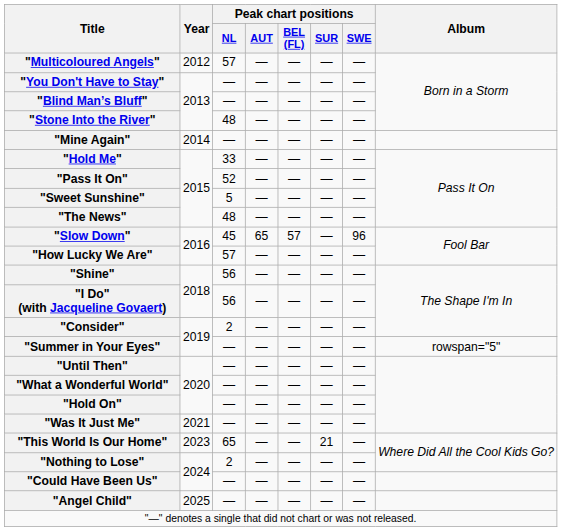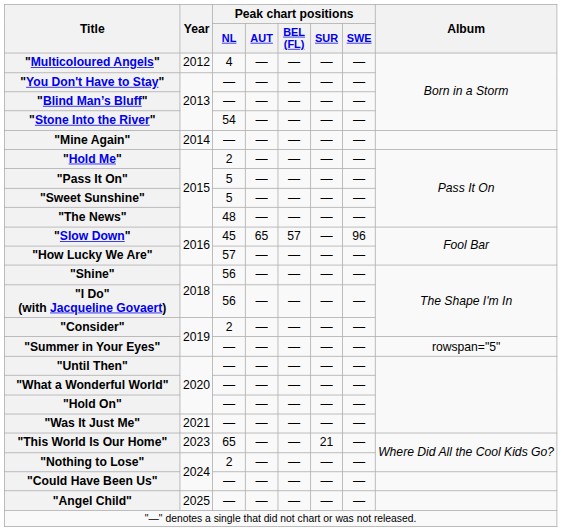 <table class="wikitable plainrowheaders" style="text-align:center;">
 <tr>
 <th scope="col" rowspan="2" style="width:14em;">Title</th>
 <th scope="col" rowspan="2" style="width:1em;">Year</th>
 <th scope="col" colspan="5">Peak chart positions</th>
 <th scope="col" rowspan="2">Album</th>
 </tr>
 <tr>
 <th scope="col" style="width:2.5em;font-size:90%;"><a href='#'>NL</a><br></th>
 <th scope="col" style="width:2.5em;font-size:90%;"><a href='#'>AUT</a><br></th>
 <th scope="col" style="width:2.5em;font-size:90%;"><a href='#'>BEL (FL)</a><br></th>
 <th scope="col" style="width:2.5em;font-size:90%;"><a href='#'>SUR</a><br></th>
 <th scope="col" style="width:2.5em;font-size:90%;"><a href='#'>SWE</a><br></th>
 </tr>
 <tr>
 <th scope="row">"<a href='#'>Multicoloured Angels</a>"</th>
 <td>2012</td>
-<td>57</td>
+<td>4</td>
 <td>—</td>
 <td>—</td>
 <td>—</td>
 <td>—</td>
 <td rowspan="4"><em>Born in a Storm</em></td>
 </tr>
 <tr>
 <th scope="row">"<a href='#'>You Don't Have to Stay</a>"</th>
 <td rowspan="3">2013</td>
 <td>—</td>
 <td>—</td>
 <td>—</td>
 <td>—</td>
 <td>—</td>
 </tr>
 <tr>
 <th scope="row">"<a href='#'>Blind Man’s Bluff</a>"</th>
 <td>—</td>
 <td>—</td>
 <td>—</td>
 <td>—</td>
 <td>—</td>
 </tr>
 <tr>
 <th scope="row">"<a href='#'>Stone Into the River</a>"</th>
-<td>48</td>
+<td>54</td>
 <td>—</td>
 <td>—</td>
 <td>—</td>
 <td>—</td>
 </tr>
 <tr>
 <th scope="row">"Mine Again"</th>
 <td>2014</td>
 <td>—</td>
 <td>—</td>
 <td>—</td>
 <td>—</td>
 <td>—</td>
 <td></td>
 </tr>
 <tr>
 <th scope="row">"<a href='#'>Hold Me</a>"<br></th>
 <td rowspan="4">2015</td>
-<td>33</td>
+<td>2</td>
 <td>—</td>
 <td>—</td>
 <td>—</td>
 <td>—</td>
 <td rowspan="4"><em>Pass It On</em></td>
 </tr>
 <tr>
 <th scope="row">"Pass It On"</th>
-<td>52</td>
+<td>5</td>
 <td>—</td>
 <td>—</td>
 <td>—</td>
 <td>—</td>
 </tr>
 <tr>
 <th scope="row">"Sweet Sunshine"</th>
 <td>5</td>
 <td>—</td>
 <td>—</td>
 <td>—</td>
 <td>—</td>
 </tr>
 <tr>
 <th scope="row">"The News"</th>
 <td>48</td>
 <td>—</td>
 <td>—</td>
 <td>—</td>
 <td>—</td>
 </tr>
 <tr>
 <th scope="row">"<a href='#'>Slow Down</a>"</th>
 <td rowspan="2">2016</td>
 <td>45</td>
 <td>65</td>
 <td>57</td>
 <td>—</td>
 <td>96</td>
 <td rowspan="2"><em>Fool Bar</em></td>
 </tr>
 <tr>
 <th scope="row">"How Lucky We Are"</th>
 <td>57</td>
 <td>—</td>
 <td>—</td>
 <td>—</td>
 <td>—</td>
 </tr>
 <tr>
 <th scope="row">"Shine"</th>
 <td rowspan="2">2018</td>
 <td>56</td>
 <td>—</td>
 <td>—</td>
 <td>—</td>
 <td>—</td>
 <td rowspan="3"><em>The Shape I'm In</em></td>
 </tr>
 <tr>
 <th scope="row">"I Do"<br><span>(with <a href='#'>Jacqueline Govaert</a>)</span></th>
 <td>56</td>
 <td>—</td>
 <td>—</td>
 <td>—</td>
 <td>—</td>
 </tr>
 <tr>
 <th scope="row">"Consider"</th>
 <td rowspan="2">2019</td>
 <td>2</td>
 <td>—</td>
 <td>—</td>
 <td>—</td>
 <td>—</td>
 </tr>
 <tr>
 <th scope="row">"Summer in Your Eyes"</th>
 <td>—</td>
 <td>—</td>
 <td>—</td>
 <td>—</td>
 <td>—</td>
 <td>rowspan="5" </td>
 </tr>
 <tr>
 <th scope="row">"Until Then"</th>
 <td rowspan="3">2020</td>
 <td>—</td>
 <td>—</td>
 <td>—</td>
 <td>—</td>
 <td>—</td>
 </tr>
 <tr>
 <th scope="row">"What a Wonderful World"</th>
 <td>—</td>
 <td>—</td>
 <td>—</td>
 <td>—</td>
 <td>—</td>
 </tr>
 <tr>
 <th scope="row">"Hold On"</th>
 <td>—</td>
 <td>—</td>
 <td>—</td>
 <td>—</td>
 <td>—</td>
 </tr>
 <tr>
 <th scope="row">"Was It Just Me"</th>
 <td>2021</td>
 <td>—</td>
 <td>—</td>
 <td>—</td>
 <td>—</td>
 <td>—</td>
 </tr>
 <tr>
 <th scope="row">"This World Is Our Home"</th>
 <td>2023</td>
 <td>65</td>
 <td>—</td>
 <td>—</td>
 <td>21</td>
 <td>—</td>
 <td rowspan="2"><em>Where Did All the Cool Kids Go?</em></td>
 </tr>
 <tr>
 <th scope="row">"Nothing to Lose"</th>
 <td rowspan="2">2024</td>
 <td>2</td>
 <td>—</td>
 <td>—</td>
 <td>—</td>
 <td>—</td>
 </tr>
 <tr>
 <th scope="row">"Could Have Been Us" <br></th>
 <td>—</td>
 <td>—</td>
 <td>—</td>
 <td>—</td>
 <td>—</td>
 <td></td>
 </tr>
 <tr>
 <th scope="row">"Angel Child"</th>
 <td>2025</td>
 <td>—</td>
 <td>—</td>
 <td>—</td>
 <td>—</td>
 <td>—</td>
 </tr>
 <tr>
 <td colspan="8" style="font-size:85%">"—" denotes a single that did not chart or was not released.</td>
 </tr>
 </table>
